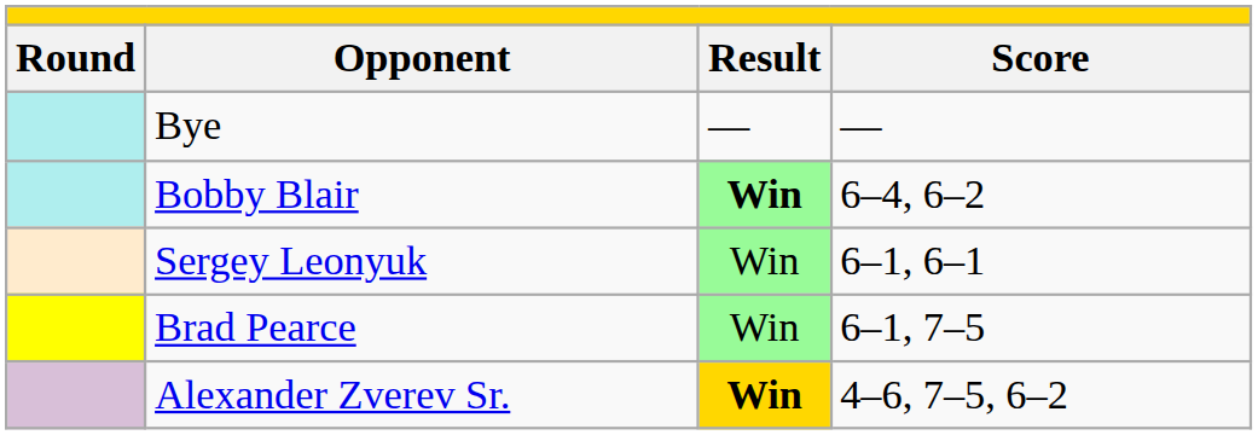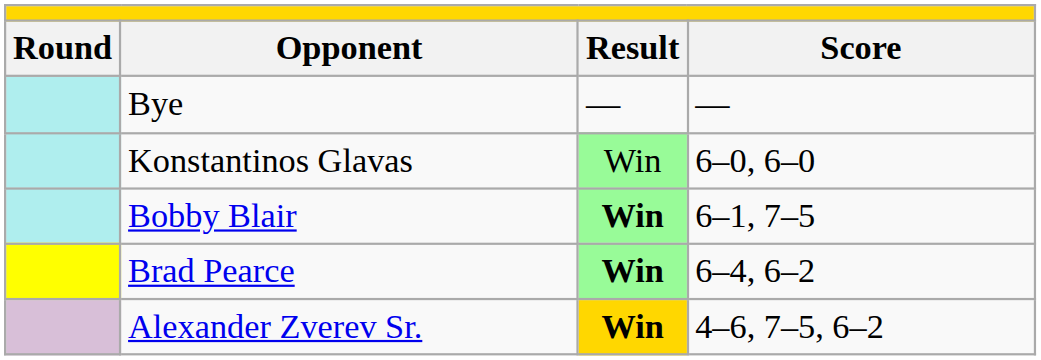 <table class=wikitable style=font-size:97%>
 <tr>
 <td colspan=4 bgcolor=gold></td>
 </tr>
 <tr>
 <th>Round</th>
 <th style="width:200px">Opponent</th>
 <th>Result</th>
 <th width=150>Score</th>
 </tr>
 <tr>
 <td bgcolor=afeeee></td>
 <td>Bye</td>
 <td>—</td>
 <td>—</td>
 </tr>
 <tr>
 <td bgcolor=afeeee></td>
+<td> Konstantinos Glavas</td>
+<td bgcolor=#98FB98 style="text-align:center;">Win</td>
+<td>6–0, 6–0</td>
+</tr>
+<tr>
+<td bgcolor=afeeee></td>
 <td> <a href='#'>Bobby Blair</a></td>
 <td bgcolor=#98FB98 style="text-align:center;"><strong>Win</strong></td>
-<td>6–4, 6–2</td>
-</tr>
-<tr>
-<td bgcolor=ffebcd></td>
-<td> <a href='#'>Sergey Leonyuk</a></td>
-<td bgcolor=#98FB98 style="text-align:center;">Win</td>
-<td>6–1, 6–1</td>
+<td>6–1, 7–5</td>
 </tr>
 <tr>
 <td bgcolor=yellow></td>
 <td> <a href='#'>Brad Pearce</a></td>
-<td bgcolor=#98FB98 style="text-align:center;">Win</td>
-<td>6–1, 7–5</td>
+<td bgcolor=#98FB98 style="text-align:center;"><strong>Win</strong></td>
+<td>6–4, 6–2</td>
 </tr>
 <tr>
 <td bgcolor=thistle></td>
 <td> <a href='#'>Alexander Zverev Sr.</a></td>
 <td bgcolor=gold style="text-align:center;"><strong>Win</strong></td>
 <td>4–6, 7–5, 6–2</td>
 </tr>
 </table>
